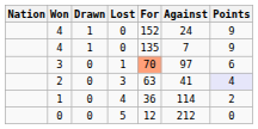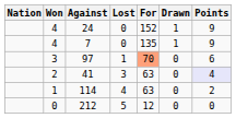 <table class="wikitable" style="text-align: center;">
 <tr>
 <th>Nation</th>
 <th>Won</th>
-<th>Drawn</th>
+<th>Against</th>
 <th>Lost</th>
 <th>For</th>
-<th>Against</th>
+<th>Drawn</th>
 <th>Points</th>
 </tr>
 <tr>
 <td align=left></td>
 <td>4</td>
-<td>1</td>
+<td>24</td>
 <td>0</td>
 <td>152</td>
-<td>24</td>
+<td>1</td>
 <td>9</td>
 </tr>
 <tr>
 <td align=left></td>
 <td>4</td>
-<td>1</td>
+<td>7</td>
 <td>0</td>
 <td>135</td>
-<td>7</td>
+<td>1</td>
 <td>9</td>
 </tr>
 <tr>
 <td align=left></td>
 <td>3</td>
-<td>0</td>
+<td>97</td>
 <td>1</td>
 <td style="background: lightsalmon;">70</td>
-<td>97</td>
+<td>0</td>
 <td>6</td>
 </tr>
 <tr>
 <td align=left></td>
 <td>2</td>
-<td>0</td>
+<td>41</td>
 <td>3</td>
 <td>63</td>
-<td>41</td>
+<td>0</td>
 <td style="background: lavender;">4</td>
 </tr>
 <tr>
 <td align=left></td>
 <td>1</td>
+<td>114</td>
+<td>4</td>
+<td>63</td>
 <td>0</td>
-<td>4</td>
-<td>36</td>
-<td>114</td>
 <td>2</td>
 </tr>
 <tr>
 <td align=left></td>
 <td>0</td>
-<td>0</td>
+<td>212</td>
 <td>5</td>
 <td>12</td>
-<td>212</td>
+<td>0</td>
 <td>0</td>
 </tr>
 </table>
